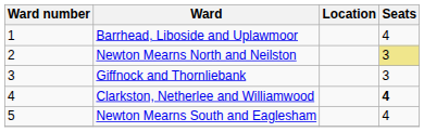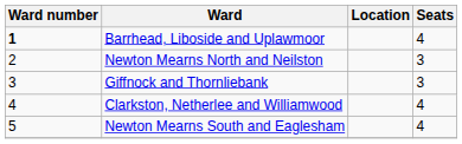 <table class="wikitable sortable">
 <tr>
 <th>Ward number</th>
 <th>Ward</th>
 <th>Location</th>
 <th>Seats</th>
 </tr>
 <tr>
-<td>1</td>
+<td><strong>1</strong></td>
 <td><a href='#'>Barrhead, Liboside and Uplawmoor</a></td>
 <td></td>
 <td>4</td>
 </tr>
 <tr>
 <td>2</td>
 <td><a href='#'>Newton Mearns North and Neilston</a></td>
 <td></td>
-<td style="background: khaki;">3</td>
+<td>3</td>
 </tr>
 <tr>
 <td>3</td>
 <td><a href='#'>Giffnock and Thornliebank</a></td>
 <td></td>
 <td>3</td>
 </tr>
 <tr>
 <td>4</td>
 <td><a href='#'>Clarkston, Netherlee and Williamwood</a></td>
 <td></td>
-<td><strong>4</strong></td>
+<td>4</td>
 </tr>
 <tr>
 <td>5</td>
 <td><a href='#'>Newton Mearns South and Eaglesham</a></td>
 <td></td>
 <td>4</td>
 </tr>
 <tr>
 </tr>
 </table>
